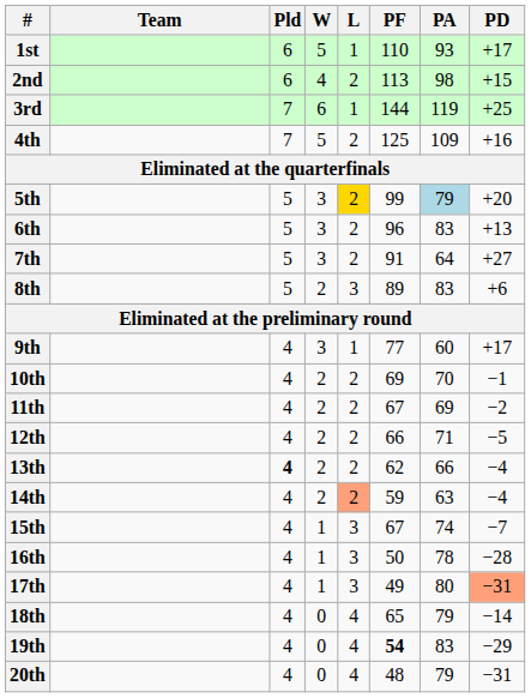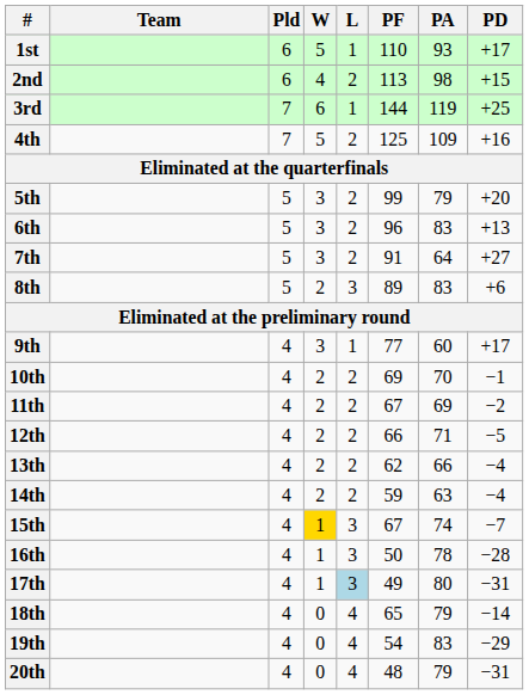 <table class=wikitable style="text-align:center;">
 <tr>
 <th>#</th>
 <th width=180px>Team</th>
 <th width=20px>Pld</th>
 <th width=20px>W</th>
 <th width=20px>L</th>
 <th width=35px>PF</th>
 <th width=35px>PA</th>
 <th width=40px>PD</th>
 </tr>
 <tr style="background: #CCFFCC;">
 <th>1st</th>
 <td align=left></td>
 <td>6</td>
 <td>5</td>
 <td>1</td>
 <td>110</td>
 <td>93</td>
 <td>+17</td>
 </tr>
 <tr style="background: #CCFFCC;">
 <th>2nd</th>
 <td align=left></td>
 <td>6</td>
 <td>4</td>
 <td>2</td>
 <td>113</td>
 <td>98</td>
 <td>+15</td>
 </tr>
 <tr style="background: #CCFFCC;">
 <th>3rd</th>
 <td align=left></td>
 <td>7</td>
 <td>6</td>
 <td>1</td>
 <td>144</td>
 <td>119</td>
 <td>+25</td>
 </tr>
 <tr>
 <th>4th</th>
 <td align=left></td>
 <td>7</td>
 <td>5</td>
 <td>2</td>
 <td>125</td>
 <td>109</td>
 <td>+16</td>
 </tr>
 <tr>
 <th colspan=8>Eliminated at the quarterfinals</th>
 </tr>
 <tr>
 <th>5th</th>
 <td align=left></td>
 <td>5</td>
 <td>3</td>
-<td style="background: gold;">2</td>
+<td>2</td>
 <td>99</td>
-<td style="background: lightblue;">79</td>
+<td>79</td>
 <td>+20</td>
 </tr>
 <tr>
 <th>6th</th>
 <td align=left></td>
 <td>5</td>
 <td>3</td>
 <td>2</td>
 <td>96</td>
 <td>83</td>
 <td>+13</td>
 </tr>
 <tr>
 <th>7th</th>
 <td align=left></td>
 <td>5</td>
 <td>3</td>
 <td>2</td>
 <td>91</td>
 <td>64</td>
 <td>+27</td>
 </tr>
 <tr>
 <th>8th</th>
 <td align=left></td>
 <td>5</td>
 <td>2</td>
 <td>3</td>
 <td>89</td>
 <td>83</td>
 <td>+6</td>
 </tr>
 <tr>
 <th colspan=8>Eliminated at the preliminary round</th>
 </tr>
 <tr>
 <th>9th</th>
 <td align=left></td>
 <td>4</td>
 <td>3</td>
 <td>1</td>
 <td>77</td>
 <td>60</td>
 <td>+17</td>
 </tr>
 <tr>
 <th>10th</th>
 <td align=left></td>
 <td>4</td>
 <td>2</td>
 <td>2</td>
 <td>69</td>
 <td>70</td>
 <td>−1</td>
 </tr>
 <tr>
 <th>11th</th>
 <td align=left></td>
 <td>4</td>
 <td>2</td>
 <td>2</td>
 <td>67</td>
 <td>69</td>
 <td>−2</td>
 </tr>
 <tr>
 <th>12th</th>
 <td align=left></td>
 <td>4</td>
 <td>2</td>
 <td>2</td>
 <td>66</td>
 <td>71</td>
 <td>−5</td>
 </tr>
 <tr>
 <th>13th</th>
 <td align=left></td>
-<td><strong>4</strong></td>
+<td>4</td>
 <td>2</td>
 <td>2</td>
 <td>62</td>
 <td>66</td>
 <td>−4</td>
 </tr>
 <tr>
 <th>14th</th>
 <td align=left></td>
 <td>4</td>
 <td>2</td>
-<td style="background: lightsalmon;">2</td>
+<td>2</td>
 <td>59</td>
 <td>63</td>
 <td>−4</td>
 </tr>
 <tr>
 <th>15th</th>
 <td align=left></td>
 <td>4</td>
-<td>1</td>
+<td style="background: gold;">1</td>
 <td>3</td>
 <td>67</td>
 <td>74</td>
 <td>−7</td>
 </tr>
 <tr>
 <th>16th</th>
 <td align=left></td>
 <td>4</td>
 <td>1</td>
 <td>3</td>
 <td>50</td>
 <td>78</td>
 <td>−28</td>
 </tr>
 <tr>
 <th>17th</th>
 <td align=left></td>
 <td>4</td>
 <td>1</td>
-<td>3</td>
+<td style="background: lightblue;">3</td>
 <td>49</td>
 <td>80</td>
-<td style="background: lightsalmon;">−31</td>
+<td>−31</td>
 </tr>
 <tr>
 <th>18th</th>
 <td align=left></td>
 <td>4</td>
 <td>0</td>
 <td>4</td>
 <td>65</td>
 <td>79</td>
 <td>−14</td>
 </tr>
 <tr>
 <th>19th</th>
 <td align=left></td>
 <td>4</td>
 <td>0</td>
 <td>4</td>
-<td><strong>54</strong></td>
+<td>54</td>
 <td>83</td>
 <td>−29</td>
 </tr>
 <tr>
 <th>20th</th>
 <td align=left></td>
 <td>4</td>
 <td>0</td>
 <td>4</td>
 <td>48</td>
 <td>79</td>
 <td>−31</td>
 </tr>
 </table>
